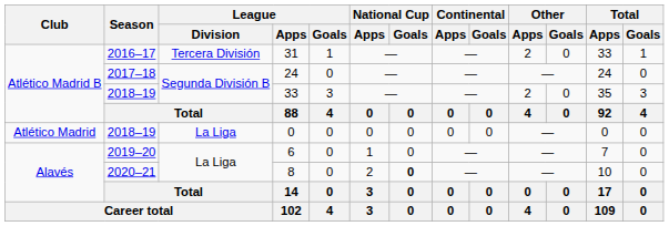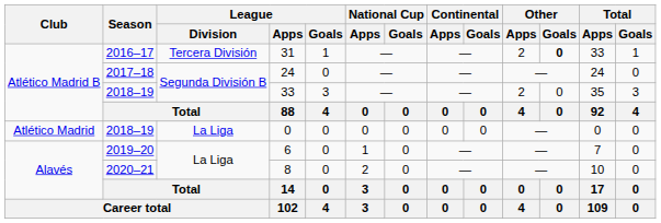 <table class="wikitable" style="text-align:center">
 <tr>
 <th rowspan="2">Club</th>
 <th rowspan="2">Season</th>
 <th colspan="3">League</th>
 <th colspan="2">National Cup</th>
 <th colspan="2">Continental</th>
 <th colspan="2">Other</th>
 <th colspan="2">Total</th>
 </tr>
 <tr>
 <th>Division</th>
 <th>Apps</th>
 <th>Goals</th>
 <th>Apps</th>
 <th>Goals</th>
 <th>Apps</th>
 <th>Goals</th>
 <th>Apps</th>
 <th>Goals</th>
 <th>Apps</th>
 <th>Goals</th>
 </tr>
 <tr>
 <td rowspan="4"><a href='#'>Atlético Madrid B</a></td>
 <td><a href='#'>2016–17</a></td>
 <td><a href='#'>Tercera División</a></td>
 <td>31</td>
 <td>1</td>
 <td colspan="2">—</td>
 <td colspan="2">—</td>
 <td>2</td>
-<td>0</td>
+<td><strong>0</strong></td>
 <td>33</td>
 <td>1</td>
 </tr>
 <tr>
 <td><a href='#'>2017–18</a></td>
 <td rowspan="2"><a href='#'>Segunda División B</a></td>
 <td>24</td>
 <td>0</td>
 <td colspan="2">—</td>
 <td colspan="2">—</td>
 <td colspan="2">—</td>
 <td>24</td>
 <td>0</td>
 </tr>
 <tr>
 <td><a href='#'>2018–19</a></td>
 <td>33</td>
 <td>3</td>
 <td colspan="2">—</td>
 <td colspan="2">—</td>
 <td>2</td>
 <td>0</td>
 <td>35</td>
 <td>3</td>
 </tr>
 <tr>
 <th colspan="2">Total</th>
 <th>88</th>
 <th>4</th>
 <th>0</th>
 <th>0</th>
 <th>0</th>
 <th>0</th>
 <th>4</th>
 <th>0</th>
 <th>92</th>
 <th>4</th>
 </tr>
 <tr>
 <td><a href='#'>Atlético Madrid</a></td>
 <td><a href='#'>2018–19</a></td>
 <td><a href='#'>La Liga</a></td>
 <td>0</td>
 <td>0</td>
 <td>0</td>
 <td>0</td>
 <td>0</td>
 <td>0</td>
 <td colspan="2">—</td>
 <td>0</td>
 <td>0</td>
 </tr>
 <tr>
 <td rowspan="3"><a href='#'>Alavés</a></td>
 <td><a href='#'>2019–20</a></td>
 <td rowspan="2">La Liga</td>
 <td>6</td>
 <td>0</td>
 <td>1</td>
 <td>0</td>
 <td colspan="2">—</td>
 <td colspan="2">—</td>
 <td>7</td>
 <td>0</td>
 </tr>
 <tr>
 <td><a href='#'>2020–21</a></td>
 <td>8</td>
 <td>0</td>
 <td>2</td>
-<td><strong>0</strong></td>
+<td>0</td>
 <td colspan="2">—</td>
 <td colspan="2">—</td>
 <td>10</td>
 <td>0</td>
 </tr>
 <tr>
 <th colspan="2">Total</th>
 <th>14</th>
 <th>0</th>
 <th>3</th>
 <th>0</th>
 <th>0</th>
 <th>0</th>
 <th>0</th>
 <th>0</th>
 <th>17</th>
 <th>0</th>
 </tr>
 <tr>
 <th colspan="3">Career total</th>
 <th>102</th>
 <th>4</th>
 <th>3</th>
 <th>0</th>
 <th>0</th>
 <th>0</th>
 <th>4</th>
 <th>0</th>
 <th>109</th>
 <th>0</th>
 </tr>
 </table>
